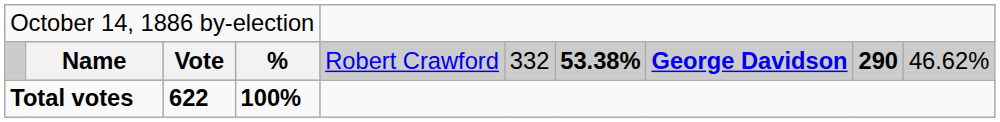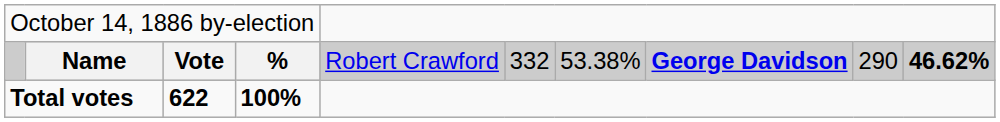 <table class="wikitable">
 <tr>
 <td colspan=4 align=center>October 14, 1886 by-election</td>
 </tr>
 <tr bgcolor="CCCCCC">
 <td></td>
 <th>Name</th>
 <th>Vote</th>
 <th>%<br></th>
 <td><a href='#'>Robert Crawford</a></td>
 <td>332</td>
-<td><strong>53.38%<br></strong></td>
+<td>53.38%<br></td>
 <td><strong><a href='#'>George Davidson</a></strong></td>
-<td><strong>290</strong></td>
-<td>46.62%</td>
+<td>290</td>
+<td><strong>46.62%</strong></td>
 </tr>
 <tr>
 <td colspan=2><strong>Total votes</strong></td>
 <td><strong>622</strong></td>
 <td><strong>100%</strong></td>
 </tr>
 </table>
